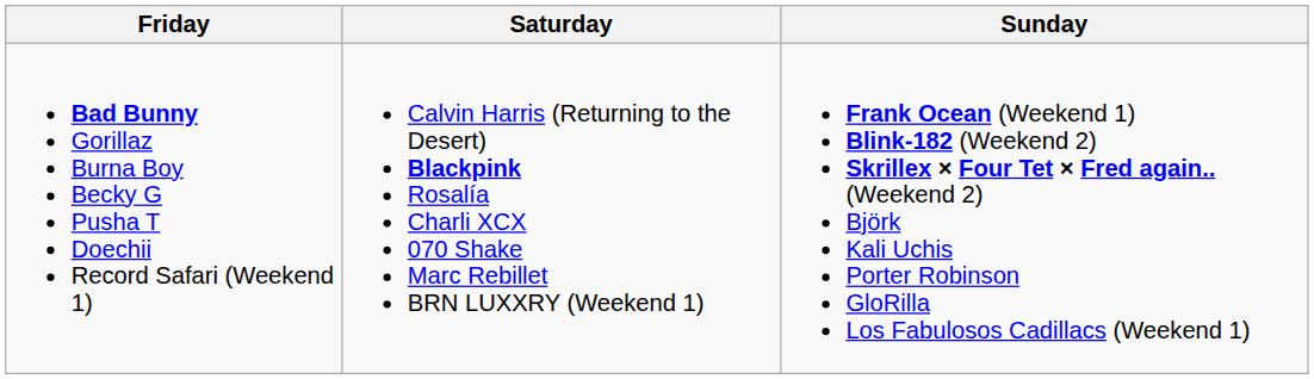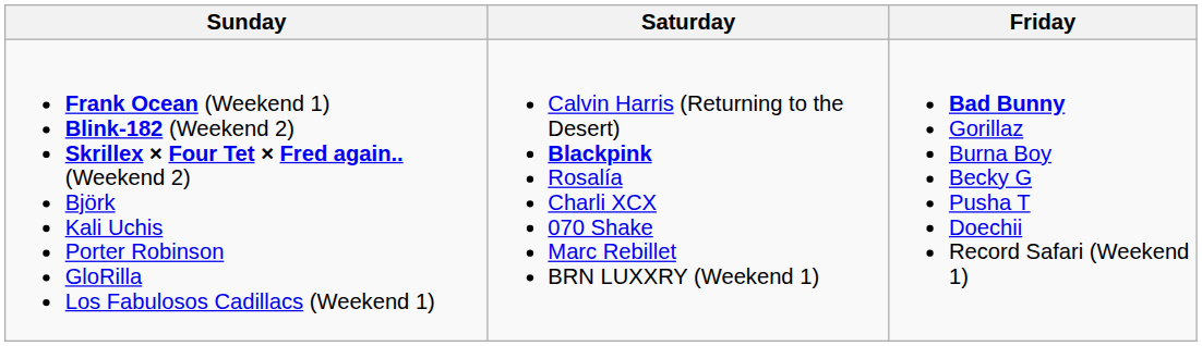 <table class="wikitable">
 <tr>
+<th>Sunday</th>
+<th>Saturday</th>
 <th>Friday</th>
-<th>Saturday</th>
-<th>Sunday</th>
 </tr>
 <tr valign="top">
+<td><br><ul><li><strong><a href='#'>Frank Ocean</a></strong> (Weekend 1)</li><li><strong><a href='#'>Blink-182</a></strong> (Weekend 2)</li><li><strong><a href='#'>Skrillex</a> × <a href='#'>Four Tet</a> × <a href='#'>Fred again..</a></strong> (Weekend 2)</li><li><a href='#'>Björk</a></li><li><a href='#'>Kali Uchis</a></li><li><a href='#'>Porter Robinson</a></li><li><a href='#'>GloRilla</a></li><li><a href='#'>Los Fabulosos Cadillacs</a> (Weekend 1)</li></ul></td>
+<td><br><ul><li><a href='#'>Calvin Harris</a> (Returning to the Desert)</li><li><strong><a href='#'>Blackpink</a></strong></li><li><a href='#'>Rosalía</a></li><li><a href='#'>Charli XCX</a></li><li><a href='#'>070 Shake</a></li><li><a href='#'>Marc Rebillet</a></li><li>BRN LUXXRY (Weekend 1)</li></ul></td>
 <td><br><ul><li><strong><a href='#'>Bad Bunny</a></strong></li><li><a href='#'>Gorillaz</a></li><li><a href='#'>Burna Boy</a></li><li><a href='#'>Becky G</a></li><li><a href='#'>Pusha T</a></li><li><a href='#'>Doechii</a></li><li>Record Safari (Weekend 1)</li></ul></td>
-<td><br><ul><li><a href='#'>Calvin Harris</a> (Returning to the Desert)</li><li><strong><a href='#'>Blackpink</a></strong></li><li><a href='#'>Rosalía</a></li><li><a href='#'>Charli XCX</a></li><li><a href='#'>070 Shake</a></li><li><a href='#'>Marc Rebillet</a></li><li>BRN LUXXRY (Weekend 1)</li></ul></td>
-<td><br><ul><li><strong><a href='#'>Frank Ocean</a></strong> (Weekend 1)</li><li><strong><a href='#'>Blink-182</a></strong> (Weekend 2)</li><li><strong><a href='#'>Skrillex</a> × <a href='#'>Four Tet</a> × <a href='#'>Fred again..</a></strong> (Weekend 2)</li><li><a href='#'>Björk</a></li><li><a href='#'>Kali Uchis</a></li><li><a href='#'>Porter Robinson</a></li><li><a href='#'>GloRilla</a></li><li><a href='#'>Los Fabulosos Cadillacs</a> (Weekend 1)</li></ul></td>
 </tr>
 </table>
